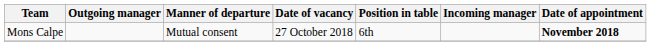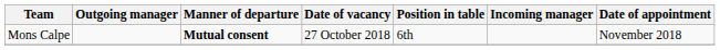 <table class="wikitable sortable">
 <tr>
 <th>Team</th>
 <th>Outgoing manager</th>
 <th>Manner of departure</th>
 <th>Date of vacancy</th>
 <th>Position in table</th>
 <th>Incoming manager</th>
 <th>Date of appointment</th>
 </tr>
 <tr>
 <td>Mons Calpe</td>
 <td></td>
-<td>Mutual consent</td>
+<td><strong>Mutual consent</strong></td>
 <td>27 October 2018</td>
 <td>6th</td>
 <td></td>
-<td><strong>November 2018</strong></td>
+<td>November 2018</td>
 </tr>
 <tr>
 </tr>
 </table>
